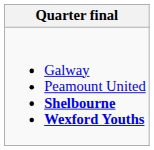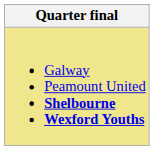 <table class="wikitable">
 <tr>
 <th>Quarter final</th>
 </tr>
 <tr>
-<td valign="top"><br><ul><li><a href='#'>Galway</a></li><li><a href='#'>Peamount United</a></li><li><strong><a href='#'>Shelbourne</a></strong></li><li><strong><a href='#'>Wexford Youths</a></strong></li></ul></td>
+<td valign="top" style="background: khaki;"><br><ul><li><a href='#'>Galway</a></li><li><a href='#'>Peamount United</a></li><li><strong><a href='#'>Shelbourne</a></strong></li><li><strong><a href='#'>Wexford Youths</a></strong></li></ul></td>
 </tr>
 </table>
